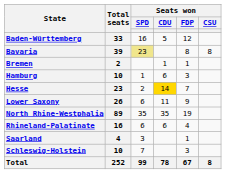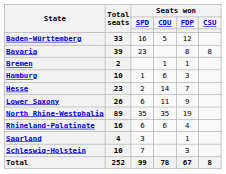 <table class="wikitable" style="text-align:center; font-size: 0.9em;">
 <tr>
 <th rowspan="3">State</th>
 <th rowspan="3">Total<br>seats</th>
 <th colspan="4">Seats won</th>
 </tr>
 <tr>
 <th class="unsortable" style="width:30px;"><a href='#'>SPD</a></th>
 <th class="unsortable" style="width:30px;"><a href='#'>CDU</a></th>
 <th class="unsortable" style="width:30px;"><a href='#'>FDP</a></th>
 <th class="unsortable" style="width:30px;"><a href='#'>CSU</a></th>
 </tr>
 <tr>
 <th style="background:"></th>
 <th style="background:"></th>
 <th style="background:"></th>
 <th style="background:"></th>
 </tr>
 <tr>
 <th style="text-align: left;"><a href='#'>Baden-Württemberg</a></th>
 <th>33</th>
 <td>16</td>
 <td>5</td>
 <td>12</td>
 <td></td>
 </tr>
 <tr>
 <th style="text-align: left;"><a href='#'>Bavaria</a></th>
 <th>39</th>
-<td style="background: khaki;">23</td>
+<td>23</td>
 <td></td>
 <td>8</td>
 <td>8</td>
 </tr>
 <tr>
 <th style="text-align: left;"><a href='#'>Bremen</a></th>
 <th>2</th>
 <td></td>
 <td>1</td>
 <td>1</td>
 <td></td>
 </tr>
 <tr>
 <th style="text-align: left;"><a href='#'>Hamburg</a></th>
 <th>10</th>
 <td>1</td>
 <td>6</td>
 <td>3</td>
 <td></td>
 </tr>
 <tr>
 <th style="text-align: left;"><a href='#'>Hesse</a></th>
 <th>23</th>
 <td>2</td>
-<td style="background: gold;">14</td>
+<td>14</td>
 <td>7</td>
 <td></td>
 </tr>
 <tr>
 <th style="text-align: left;"><a href='#'>Lower Saxony</a></th>
 <th>26</th>
 <td>6</td>
 <td>11</td>
 <td>9</td>
 <td></td>
 </tr>
 <tr>
 <th style="text-align: left;"><a href='#'>North Rhine-Westphalia</a></th>
 <th>89</th>
 <td>35</td>
 <td>35</td>
 <td>19</td>
 <td></td>
 </tr>
 <tr>
 <th style="text-align: left;"><a href='#'>Rhineland-Palatinate</a></th>
 <th>16</th>
 <td>6</td>
 <td>6</td>
 <td>4</td>
 <td></td>
 </tr>
 <tr>
 <th style="text-align: left;"><a href='#'>Saarland</a></th>
 <th>4</th>
 <td>3</td>
 <td></td>
 <td>1</td>
 <td></td>
 </tr>
 <tr>
 <th style="text-align: left;"><a href='#'>Schleswig-Holstein</a></th>
 <th>10</th>
 <td>7</td>
 <td></td>
 <td>3</td>
 <td></td>
 </tr>
 <tr class="sortbottom">
 <th style="text-align: left;">Total</th>
 <th>252</th>
 <th>99</th>
 <th>78</th>
 <th>67</th>
 <th>8</th>
 </tr>
 </table>
